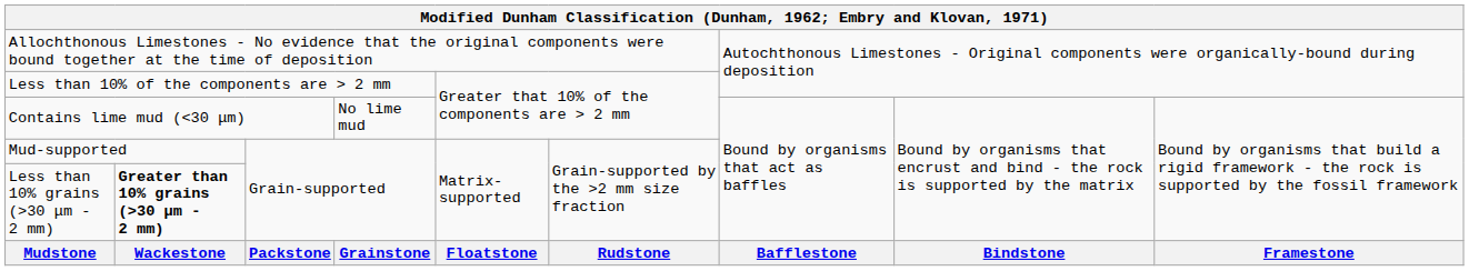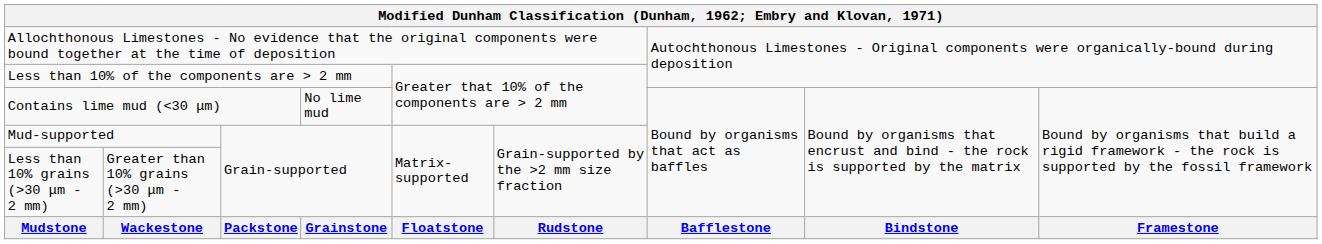 <table class="wikitable">
 <tr>
 <th colspan="9">Modified Dunham Classification (Dunham, 1962; Embry and Klovan, 1971)</th>
 </tr>
 <tr>
 <td colspan="6">Allochthonous  Limestones - No evidence that the original components were bound together at  the time of deposition</td>
 <td colspan="4" rowspan="2">Autochthonous  Limestones - Original components were organically-bound during deposition</td>
 </tr>
 <tr>
 <td colspan="4">Less than 10% of  the components are > 2 mm</td>
 <td colspan="2" rowspan="2">Greater that  10% of the components are > 2 mm</td>
 </tr>
 <tr>
 <td colspan="3">Contains lime mud (<30 μm)</td>
 <td>No  lime mud</td>
 <td rowspan="3">Bound by organisms that  act as baffles</td>
 <td rowspan="3">Bound by organisms that  encrust and bind - the rock is supported by the matrix</td>
 <td rowspan="3">Bound by organisms that  build a rigid framework - the rock is supported by the fossil framework</td>
 </tr>
 <tr>
 <td colspan="2">Mud-supported</td>
 <td colspan="2" rowspan="2">Grain-supported</td>
 <td rowspan="2">Matrix-supported</td>
 <td rowspan="2">Grain-supported by the  >2 mm size fraction</td>
 </tr>
 <tr>
 <td>Less than 10% grains<br>(>30 μm - 2 mm)</td>
-<td><strong>Greater  than 10% grains<br>(>30 μm - 2 mm)</strong></td>
+<td>Greater  than 10% grains<br>(>30 μm - 2 mm)</td>
 </tr>
 <tr>
 <th><a href='#'>Mudstone</a></th>
 <th><a href='#'>Wackestone</a></th>
 <th><a href='#'>Packstone</a></th>
 <th><a href='#'>Grainstone</a></th>
 <th><a href='#'>Floatstone</a></th>
 <th><a href='#'>Rudstone</a></th>
 <th><a href='#'>Bafflestone</a></th>
 <th><a href='#'>Bindstone</a></th>
 <th><a href='#'>Framestone</a></th>
 </tr>
 </table>
